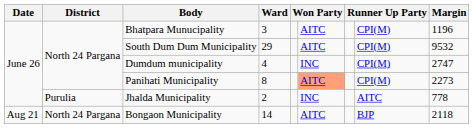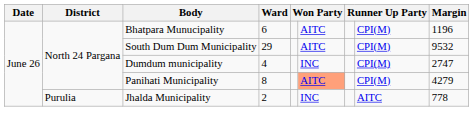 <table class="wikitable">
 <tr>
 <th>Date</th>
 <th>District</th>
 <th>Body</th>
 <th>Ward</th>
 <th colspan="2">Won Party</th>
 <th colspan="2">Runner Up Party</th>
 <th>Margin</th>
 </tr>
 <tr>
 <td rowspan="5">June 26</td>
 <td rowspan="4">North 24 Pargana</td>
 <td>Bhatpara Munucipality</td>
-<td>3</td>
+<td>6</td>
 <td></td>
 <td><a href='#'>AITC</a></td>
 <td></td>
 <td><a href='#'>CPI(M)</a></td>
 <td>1196</td>
 </tr>
 <tr>
 <td>South Dum Dum Municipality</td>
 <td>29</td>
 <td></td>
 <td><a href='#'>AITC</a></td>
 <td></td>
 <td><a href='#'>CPI(M)</a></td>
 <td>9532</td>
 </tr>
 <tr>
 <td>Dumdum municipality</td>
 <td>4</td>
 <td></td>
 <td><a href='#'>INC</a></td>
 <td></td>
 <td><a href='#'>CPI(M)</a></td>
 <td>2747</td>
 </tr>
 <tr>
 <td>Panihati Municipality</td>
 <td>8</td>
 <td></td>
 <td style="background: lightsalmon;"><a href='#'>AITC</a></td>
 <td></td>
 <td><a href='#'>CPI(M)</a></td>
-<td>2273</td>
+<td>4279</td>
 </tr>
 <tr>
 <td>Purulia</td>
 <td>Jhalda Municipality</td>
 <td>2</td>
 <td></td>
 <td><a href='#'>INC</a></td>
 <td></td>
 <td><a href='#'>AITC</a></td>
 <td>778</td>
 </tr>
-<tr>
-<td>Aug 21</td>
-<td>North 24 Pargana</td>
-<td>Bongaon Municipality</td>
-<td>14</td>
-<td></td>
-<td><a href='#'>AITC</a></td>
-<td></td>
-<td><a href='#'>BJP</a></td>
-<td>2118</td>
-</tr>
 </table>
